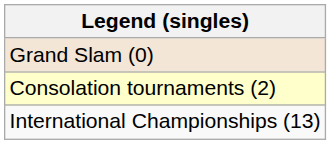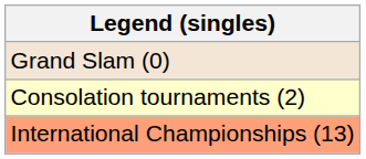 <table class="wikitable">
 <tr>
 <th>Legend (singles)</th>
 </tr>
 <tr style="background:#f3e6d7;">
 <td>Grand Slam (0)</td>
 </tr>
 <tr style="background:#ffc;">
 <td>Consolation tournaments (2)</td>
 </tr>
 <tr>
-<td>International Championships (13)</td>
+<td style="background: lightsalmon;">International Championships (13)</td>
 </tr>
 </table>
